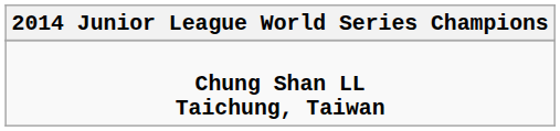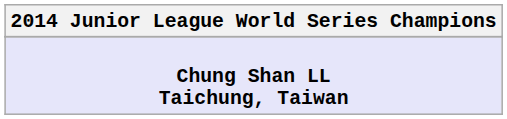 <table class="wikitable" style="text-align: center; margin: 0 auto;">
 <tr>
 <th>2014 Junior League World Series Champions</th>
 </tr>
 <tr>
 </tr>
 <tr>
-<td><br><strong>Chung Shan LL</strong><br><strong>Taichung, Taiwan</strong></td>
+<td style="background: lavender;"><br><strong>Chung Shan LL</strong><br><strong>Taichung, Taiwan</strong></td>
 </tr>
 </table>
